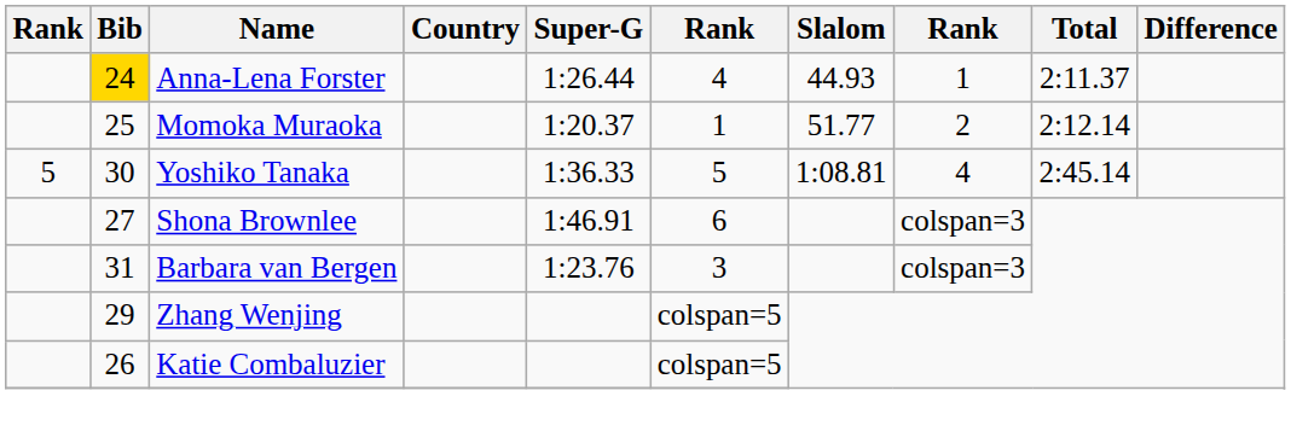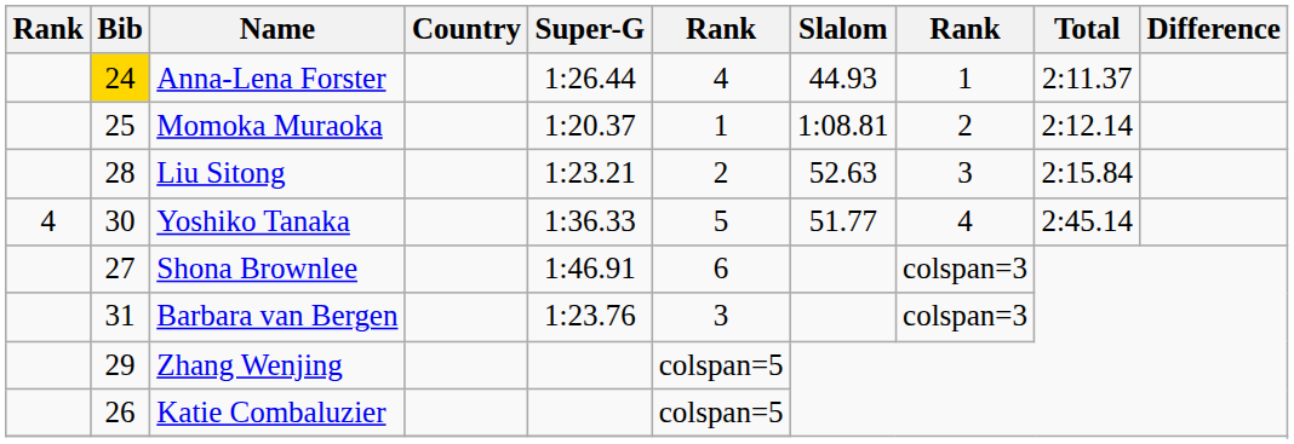 <table class="wikitable sortable" style="text-align:center">
 <tr>
 <th>Rank</th>
 <th>Bib</th>
 <th>Name</th>
 <th>Country</th>
 <th>Super-G</th>
 <th>Rank</th>
 <th>Slalom</th>
 <th>Rank</th>
 <th>Total</th>
 <th>Difference</th>
 </tr>
 <tr>
 <td></td>
 <td style="background: gold;">24</td>
 <td align="left"><a href='#'>Anna-Lena Forster</a></td>
 <td align="left"></td>
 <td>1:26.44</td>
 <td>4</td>
 <td>44.93</td>
 <td>1</td>
 <td>2:11.37</td>
 <td></td>
 </tr>
 <tr>
 <td></td>
 <td>25</td>
 <td align="left"><a href='#'>Momoka Muraoka</a></td>
 <td align="left"></td>
 <td>1:20.37</td>
 <td>1</td>
-<td>51.77</td>
+<td>1:08.81</td>
 <td>2</td>
 <td>2:12.14</td>
 <td></td>
 </tr>
 <tr>
-<td>5</td>
+<td></td>
+<td>28</td>
+<td align="left"><a href='#'>Liu Sitong</a></td>
+<td align="left"></td>
+<td>1:23.21</td>
+<td>2</td>
+<td>52.63</td>
+<td>3</td>
+<td>2:15.84</td>
+<td></td>
+</tr>
+<tr>
+<td>4</td>
 <td>30</td>
 <td align="left"><a href='#'>Yoshiko Tanaka</a></td>
 <td align="left"></td>
 <td>1:36.33</td>
 <td>5</td>
-<td>1:08.81</td>
+<td>51.77</td>
 <td>4</td>
 <td>2:45.14</td>
 <td></td>
 </tr>
 <tr>
 <td></td>
 <td>27</td>
 <td align="left"><a href='#'>Shona Brownlee</a></td>
 <td align="left"></td>
 <td>1:46.91</td>
 <td>6</td>
 <td></td>
 <td>colspan=3 </td>
 </tr>
 <tr>
 <td></td>
 <td>31</td>
 <td align="left"><a href='#'>Barbara van Bergen</a></td>
 <td align="left"></td>
 <td>1:23.76</td>
 <td>3</td>
 <td></td>
 <td>colspan=3 </td>
 </tr>
 <tr>
 <td></td>
 <td>29</td>
 <td align="left"><a href='#'>Zhang Wenjing</a></td>
 <td align="left"></td>
 <td></td>
 <td>colspan=5 </td>
 </tr>
 <tr>
 <td></td>
 <td>26</td>
 <td align="left"><a href='#'>Katie Combaluzier</a></td>
 <td align="left"></td>
 <td></td>
 <td>colspan=5 </td>
 </tr>
 <tr>
 </tr>
 </table>
